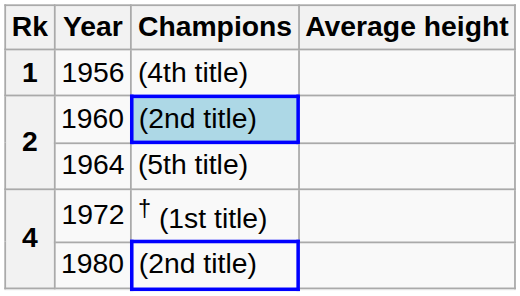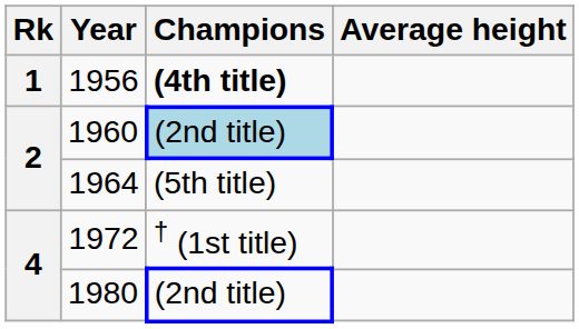 <table class="wikitable sticky-header" style="text-align: center; margin-left: 1em; margin-right: 1em; display: inline-table;">
 <tr>
 <th scope="col">Rk</th>
 <th scope="col">Year</th>
 <th scope="col">Champions</th>
 <th scope="col">Average height</th>
 </tr>
 <tr>
 <th scope="row">1</th>
 <td>1956</td>
-<td style="text-align: left;"> (4th title)</td>
+<td style="text-align: left;"><strong> (4th title)</strong></td>
 <td style="text-align: left;"><strong></strong></td>
 </tr>
 <tr>
 <th scope="rowgroup" rowspan="2">2</th>
 <td>1960</td>
 <td style="background: lightblue; border: 2px solid blue; text-align: left;"> (2nd title)</td>
 <td style="text-align: left;"><strong></strong></td>
 </tr>
 <tr>
 <td>1964</td>
 <td style="text-align: left;"> (5th title)</td>
 <td style="text-align: left;"><strong></strong></td>
 </tr>
 <tr>
 <th scope="rowgroup" rowspan="2">4</th>
 <td>1972</td>
 <td style="text-align: left;"><em></em><sup>†</sup> (1st title)</td>
 <td style="text-align: left;"><strong></strong></td>
 </tr>
 <tr>
 <td>1980</td>
 <td style="border: 2px solid blue; text-align: left;"> (2nd title)</td>
 <td style="text-align: left;"><strong></strong></td>
 </tr>
 </table>
